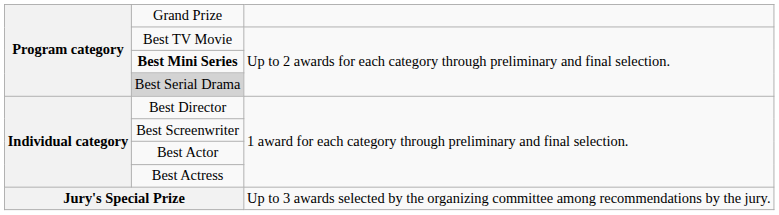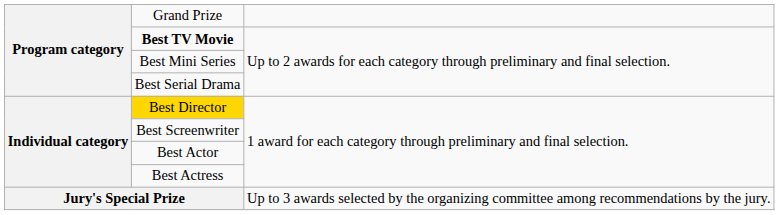 <table class=wikitable style="text-align:center;">
 <tr>
 <th rowspan="4">Program category</th>
 <td>Grand Prize</td>
 <td></td>
 </tr>
 <tr>
-<td>Best TV Movie</td>
+<td><strong>Best TV Movie</strong></td>
 <td rowspan="3" style="text-align:left;">Up to 2 awards for each category through preliminary and final selection.</td>
 </tr>
 <tr>
-<td><strong>Best Mini Series</strong></td>
+<td>Best Mini Series</td>
 </tr>
 <tr>
-<td style="background: lightgrey;">Best Serial Drama</td>
+<td>Best Serial Drama</td>
 </tr>
 <tr>
 <th rowspan="4">Individual category</th>
-<td>Best Director</td>
+<td style="background: gold;">Best Director</td>
 <td rowspan="4" style="text-align:left;">1 award for each category through preliminary and final selection.</td>
 </tr>
 <tr>
 <td>Best Screenwriter</td>
 </tr>
 <tr>
 <td>Best Actor</td>
 </tr>
 <tr>
 <td>Best Actress</td>
 </tr>
 <tr>
 <th colspan="2">Jury's Special Prize</th>
 <td style="text-align:left;">Up to 3 awards selected by the organizing committee among recommendations by the jury.</td>
 </tr>
 </table>
